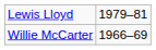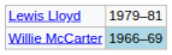 <table class="wikitable sortable sortable">
 <tr>
 <td><a href='#'>Lewis Lloyd</a></td>
 <td>1979–81</td>
 </tr>
 <tr>
 <td><a href='#'>Willie McCarter</a></td>
-<td>1966–69</td>
+<td style="background: lightblue;">1966–69</td>
 </tr>
 </table>
